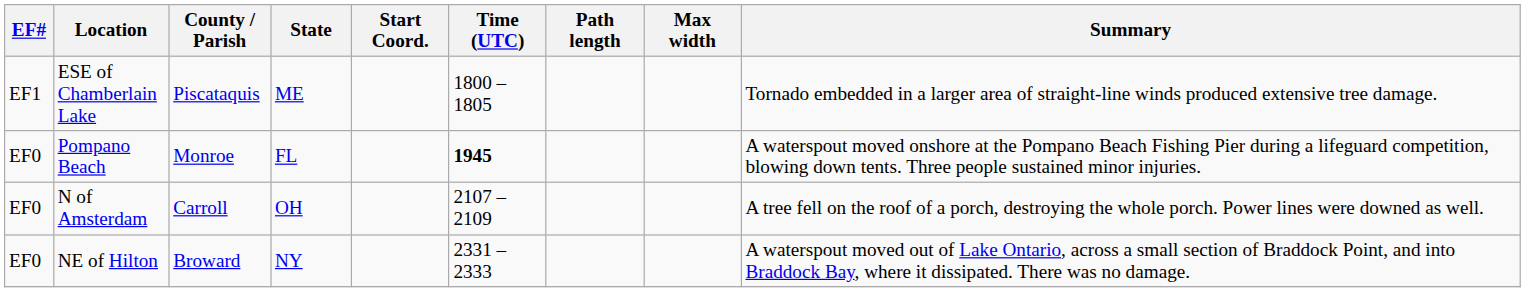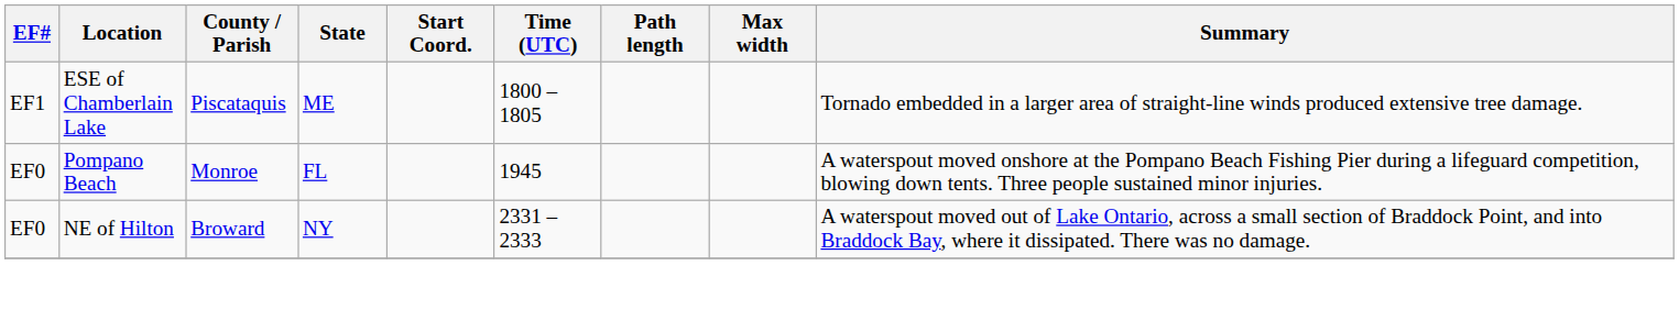 <table class="wikitable sortable" style="width:100%;">
 <tr>
 <th scope="col" width="3%" align="center"><a href='#'>EF#</a></th>
 <th scope="col" width="7%" align="center" class="unsortable">Location</th>
 <th scope="col" width="6%" align="center" class="unsortable">County / Parish</th>
 <th scope="col" width="5%" align="center">State</th>
 <th scope="col" width="6%" align="center">Start Coord.</th>
 <th scope="col" width="6%" align="center">Time (<a href='#'>UTC</a>)</th>
 <th scope="col" width="6%" align="center">Path length</th>
 <th scope="col" width="6%" align="center">Max width</th>
 <th scope="col" width="48%" class="unsortable" align="center">Summary</th>
 </tr>
 <tr>
 <td>EF1</td>
 <td>ESE of <a href='#'>Chamberlain Lake</a></td>
 <td><a href='#'>Piscataquis</a></td>
 <td><a href='#'>ME</a></td>
 <td></td>
 <td>1800 – 1805</td>
 <td></td>
 <td></td>
 <td>Tornado embedded in a larger area of straight-line winds produced extensive tree damage.</td>
 </tr>
 <tr>
 <td>EF0</td>
 <td><a href='#'>Pompano Beach</a></td>
 <td><a href='#'>Monroe</a></td>
 <td><a href='#'>FL</a></td>
 <td></td>
-<td><strong>1945</strong></td>
+<td>1945</td>
 <td></td>
 <td></td>
 <td>A waterspout moved onshore at the Pompano Beach Fishing Pier during a lifeguard competition, blowing down tents. Three people sustained minor injuries.</td>
-</tr>
-<tr>
-<td>EF0</td>
-<td>N of <a href='#'>Amsterdam</a></td>
-<td><a href='#'>Carroll</a></td>
-<td><a href='#'>OH</a></td>
-<td></td>
-<td>2107 – 2109</td>
-<td></td>
-<td></td>
-<td>A tree fell on the roof of a porch, destroying the whole porch. Power lines were downed as well.</td>
 </tr>
 <tr>
 <td>EF0</td>
 <td>NE of <a href='#'>Hilton</a></td>
 <td><a href='#'>Broward</a></td>
 <td><a href='#'>NY</a></td>
 <td></td>
 <td>2331 – 2333</td>
 <td></td>
 <td></td>
 <td>A waterspout moved out of <a href='#'>Lake Ontario</a>, across a small section of Braddock Point, and into <a href='#'>Braddock Bay</a>, where it dissipated. There was no damage.</td>
 </tr>
 <tr>
 </tr>
 </table>
